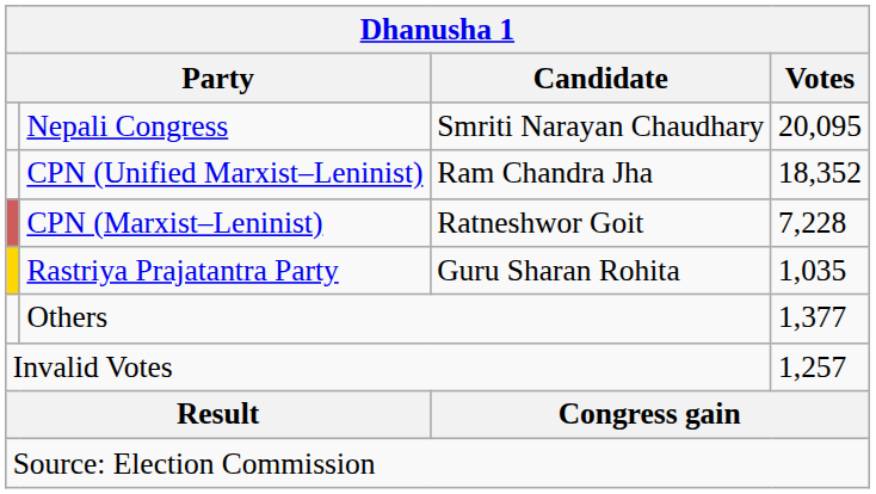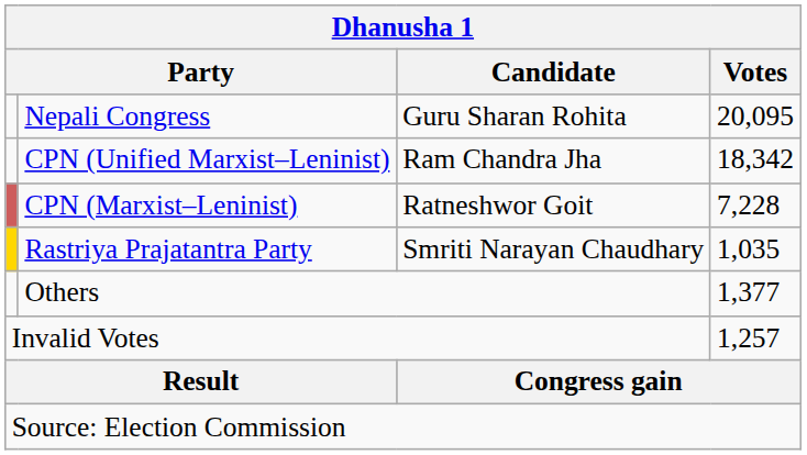 <table class="wikitable">
 <tr>
 <th colspan="4"><a href='#'>Dhanusha 1</a></th>
 </tr>
 <tr>
 <th colspan="2">Party</th>
 <th>Candidate</th>
 <th>Votes</th>
 </tr>
 <tr>
 <td style="background-color:"></td>
 <td><a href='#'>Nepali Congress</a></td>
-<td>Smriti Narayan Chaudhary</td>
+<td>Guru Sharan Rohita</td>
 <td>20,095</td>
 </tr>
 <tr>
 <td style="background-color:"></td>
 <td><a href='#'>CPN (Unified Marxist–Leninist)</a></td>
 <td>Ram Chandra Jha</td>
-<td>18,352</td>
+<td>18,342</td>
 </tr>
 <tr>
 <td style="background-color:indianred"></td>
 <td><a href='#'>CPN (Marxist–Leninist)</a></td>
 <td>Ratneshwor Goit</td>
 <td>7,228</td>
 </tr>
 <tr>
 <td style="background-color:gold"></td>
 <td><a href='#'>Rastriya Prajatantra Party</a></td>
-<td>Guru Sharan Rohita</td>
+<td>Smriti Narayan Chaudhary</td>
 <td>1,035</td>
 </tr>
 <tr>
 <td></td>
 <td colspan="2">Others</td>
 <td>1,377</td>
 </tr>
 <tr>
 <td colspan="3">Invalid Votes</td>
 <td>1,257</td>
 </tr>
 <tr>
 <th colspan="2">Result</th>
 <th colspan="2">Congress gain</th>
 </tr>
 <tr>
 <td colspan="4">Source: Election Commission</td>
 </tr>
 </table>
